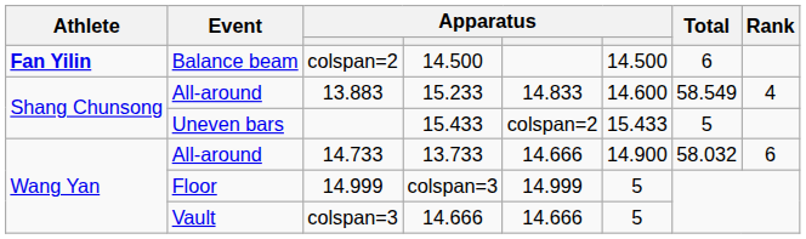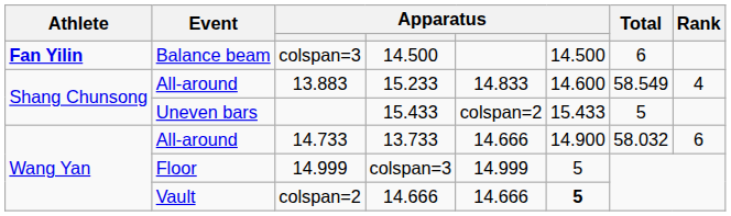 <table class="wikitable" style="font-size:90%">
 <tr>
 <th rowspan=2>Athlete</th>
 <th rowspan=2>Event</th>
 <th colspan=4>Apparatus</th>
 <th rowspan=2>Total</th>
 <th rowspan=2>Rank</th>
 </tr>
 <tr style="font-size:95%">
 <th></th>
 <th></th>
 <th></th>
 <th></th>
 </tr>
 <tr align=center>
 <td align=left><strong><a href='#'>Fan Yilin</a></strong></td>
 <td align=left><a href='#'>Balance beam</a></td>
-<td>colspan=2 </td>
+<td>colspan=3 </td>
 <td>14.500</td>
 <td></td>
 <td>14.500</td>
 <td>6</td>
 </tr>
 <tr align=center>
 <td align=left  rowspan=2><a href='#'>Shang Chunsong</a></td>
 <td align=left><a href='#'>All-around</a></td>
 <td>13.883</td>
 <td>15.233</td>
 <td>14.833</td>
 <td>14.600</td>
 <td>58.549</td>
 <td>4</td>
 </tr>
 <tr align=center>
 <td align=left><a href='#'>Uneven bars</a></td>
 <td></td>
 <td>15.433</td>
 <td>colspan=2 </td>
 <td>15.433</td>
 <td>5</td>
 </tr>
 <tr align=center>
 <td align=left  rowspan=3><a href='#'>Wang Yan</a></td>
 <td align=left><a href='#'>All-around</a></td>
 <td>14.733</td>
 <td>13.733</td>
 <td>14.666</td>
 <td>14.900</td>
 <td>58.032</td>
 <td>6</td>
 </tr>
 <tr align=center>
 <td align=left><a href='#'>Floor</a></td>
 <td>14.999</td>
 <td>colspan=3 </td>
 <td>14.999</td>
 <td>5</td>
 </tr>
 <tr align=center>
 <td align=left><a href='#'>Vault</a></td>
-<td>colspan=3 </td>
+<td>colspan=2 </td>
 <td>14.666</td>
 <td>14.666</td>
-<td>5</td>
+<td><strong>5</strong></td>
 </tr>
 </table>
